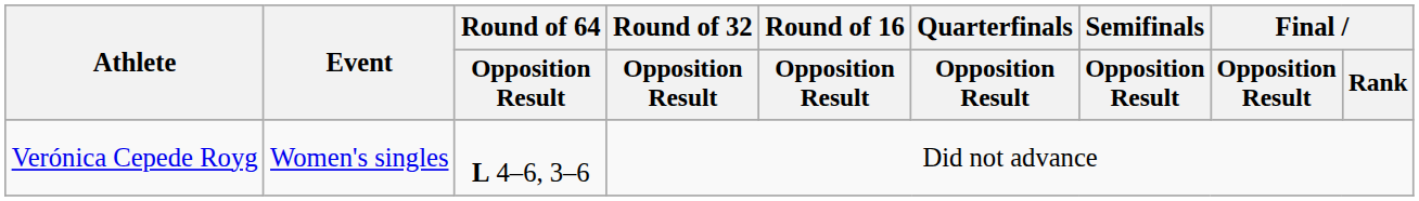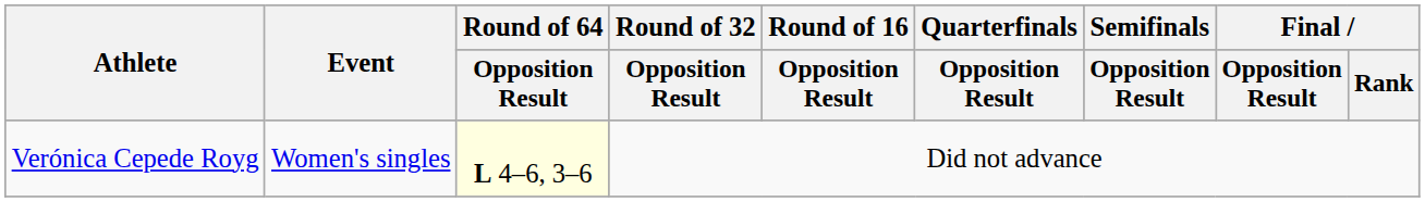 <table class="wikitable" style="font-size:90%;">
 <tr>
 <th rowspan=2>Athlete</th>
 <th rowspan=2>Event</th>
 <th>Round of 64</th>
 <th>Round of 32</th>
 <th>Round of 16</th>
 <th>Quarterfinals</th>
 <th>Semifinals</th>
 <th colspan=2>Final / </th>
 </tr>
 <tr style="font-size:95%">
 <th>Opposition<br>Result</th>
 <th>Opposition<br>Result</th>
 <th>Opposition<br>Result</th>
 <th>Opposition<br>Result</th>
 <th>Opposition<br>Result</th>
 <th>Opposition<br>Result</th>
 <th>Rank</th>
 </tr>
 <tr align=center>
 <td align=left><a href='#'>Verónica Cepede Royg</a></td>
 <td align=left><a href='#'>Women's singles</a></td>
-<td><br><strong>L</strong> 4–6, 3–6</td>
+<td style="background: lightyellow;"><br><strong>L</strong> 4–6, 3–6</td>
 <td colspan=6>Did not advance</td>
 </tr>
 </table>
